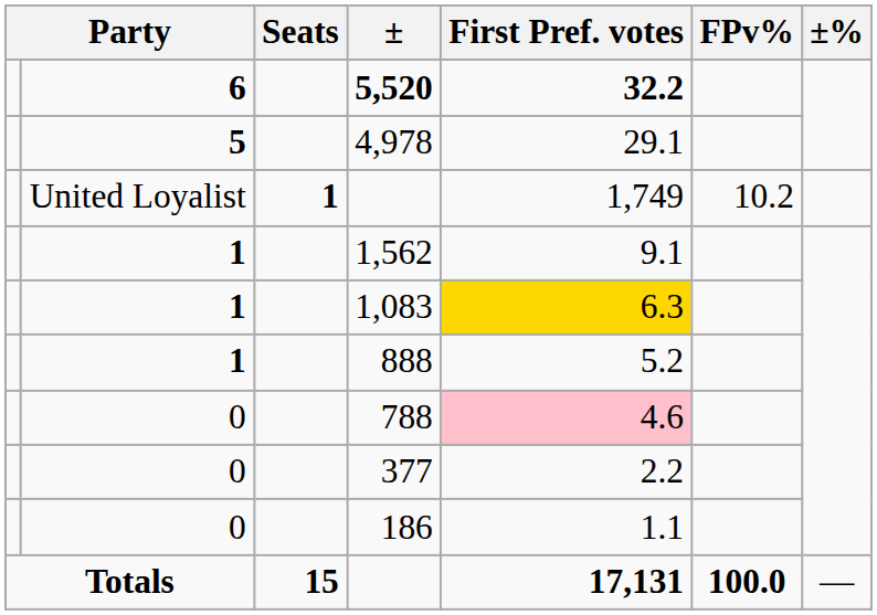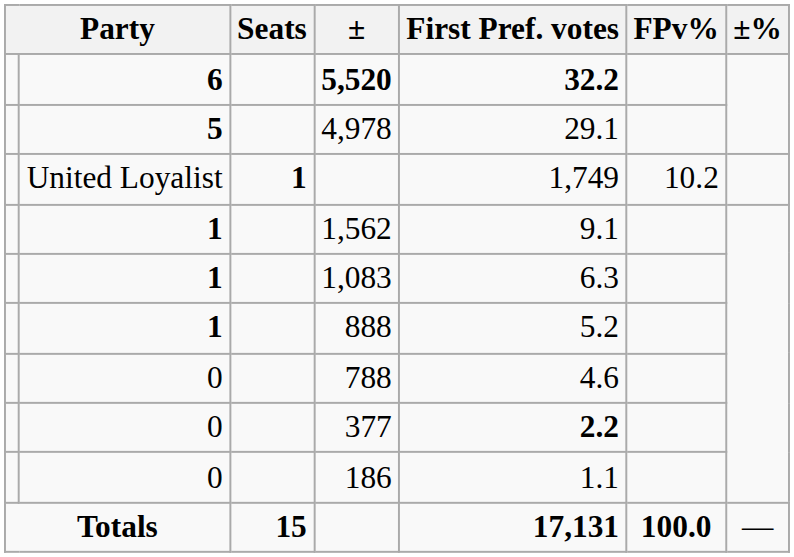 <table class=wikitable>
 <tr>
 <th colspan=2 align=center>Party</th>
 <th valign=top>Seats</th>
 <th valign=top>±</th>
 <th valign=top>First Pref. votes</th>
 <th valign=top>FPv%</th>
 <th valign=top>±%</th>
 </tr>
 <tr>
 <td></td>
 <td align=right><strong>6</strong></td>
 <td align=right></td>
 <td align=right><strong>5,520</strong></td>
 <td align=right><strong>32.2</strong></td>
 <td align=right></td>
 </tr>
 <tr>
 <td></td>
 <td align=right><strong>5</strong></td>
 <td align=right></td>
 <td align=right>4,978</td>
 <td align=right>29.1</td>
 <td align=right></td>
 </tr>
 <tr>
 <td></td>
 <td>United Loyalist</td>
 <td align=right><strong>1</strong></td>
 <td align=right></td>
 <td align=right>1,749</td>
 <td align=right>10.2</td>
 <td align=right></td>
 </tr>
 <tr>
 <td></td>
 <td align=right><strong>1</strong></td>
 <td align=right></td>
 <td align=right>1,562</td>
 <td align=right>9.1</td>
 <td align=right></td>
 </tr>
 <tr>
 <td></td>
 <td align=right><strong>1</strong></td>
 <td align=right></td>
 <td align=right>1,083</td>
-<td align=right style="background: gold;">6.3</td>
+<td align=right>6.3</td>
 <td align=right></td>
 </tr>
 <tr>
 <td></td>
 <td align=right><strong>1</strong></td>
 <td align=right></td>
 <td align=right>888</td>
 <td align=right>5.2</td>
 <td align=right></td>
 </tr>
 <tr>
 <td></td>
 <td align=right>0</td>
 <td align=right></td>
 <td align=right>788</td>
-<td align=right style="background: pink;">4.6</td>
+<td align=right>4.6</td>
 <td align=right></td>
 </tr>
 <tr>
 <td></td>
 <td align=right>0</td>
 <td align=right></td>
 <td align=right>377</td>
-<td align=right>2.2</td>
+<td align=right><strong>2.2</strong></td>
 <td align=right></td>
 </tr>
 <tr>
 <td></td>
 <td align=right>0</td>
 <td align=right></td>
 <td align=right>186</td>
 <td align=right>1.1</td>
 <td align=right></td>
 </tr>
 <tr>
 <td colspan=2 align=center><strong>Totals</strong></td>
 <td align=right><strong>15</strong></td>
 <td align=center></td>
 <td align=right><strong>17,131</strong></td>
 <td align=center><strong>100.0</strong></td>
 <td align=center>—</td>
 </tr>
 </table>
